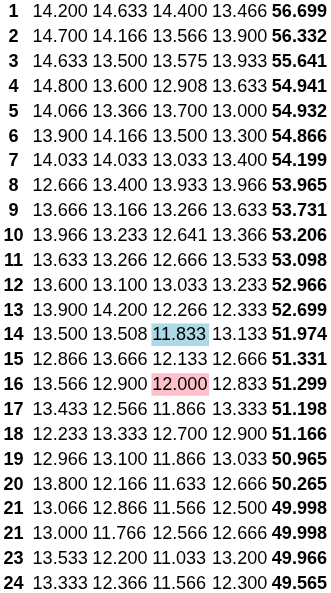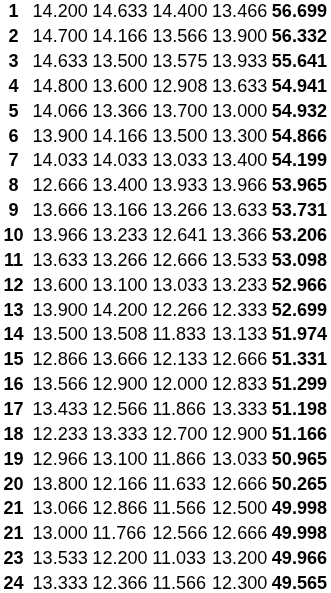 <table>
 <tr>
 <th scope=row style="text-align:center">1</th>
 <td align=left></td>
 <td>14.200</td>
 <td>14.633</td>
 <td>14.400</td>
 <td>13.466</td>
 <td><strong>56.699</strong></td>
 </tr>
 <tr>
 <th scope=row style="text-align:center">2</th>
 <td align=left></td>
 <td>14.700</td>
 <td>14.166</td>
 <td>13.566</td>
 <td>13.900</td>
 <td><strong>56.332</strong></td>
 </tr>
 <tr>
 <th scope=row style="text-align:center">3</th>
 <td align=left></td>
 <td>14.633</td>
 <td>13.500</td>
 <td>13.575</td>
 <td>13.933</td>
 <td><strong>55.641</strong></td>
 </tr>
 <tr>
 <th scope=row style="text-align:center">4</th>
 <td align=left></td>
 <td>14.800</td>
 <td>13.600</td>
 <td>12.908</td>
 <td>13.633</td>
 <td><strong>54.941</strong></td>
 </tr>
 <tr>
 <th scope=row style="text-align:center">5</th>
 <td align=left></td>
 <td>14.066</td>
 <td>13.366</td>
 <td>13.700</td>
 <td>13.000</td>
 <td><strong>54.932</strong></td>
 </tr>
 <tr>
 <th scope=row style="text-align:center">6</th>
 <td align=left></td>
 <td>13.900</td>
 <td>14.166</td>
 <td>13.500</td>
 <td>13.300</td>
 <td><strong>54.866</strong></td>
 </tr>
 <tr>
 <th scope=row style="text-align:center">7</th>
 <td align=left></td>
 <td>14.033</td>
 <td>14.033</td>
 <td>13.033</td>
 <td>13.400</td>
 <td><strong>54.199</strong></td>
 </tr>
 <tr>
 <th scope=row style="text-align:center">8</th>
 <td align=left></td>
 <td>12.666</td>
 <td>13.400</td>
 <td>13.933</td>
 <td>13.966</td>
 <td><strong>53.965</strong></td>
 </tr>
 <tr>
 <th scope=row style="text-align:center">9</th>
 <td align=left></td>
 <td>13.666</td>
 <td>13.166</td>
 <td>13.266</td>
 <td>13.633</td>
 <td><strong>53.731</strong></td>
 </tr>
 <tr>
 <th scope=row style="text-align:center">10</th>
 <td align=left></td>
 <td>13.966</td>
 <td>13.233</td>
 <td>12.641</td>
 <td>13.366</td>
 <td><strong>53.206</strong></td>
 </tr>
 <tr>
 <th scope=row style="text-align:center">11</th>
 <td align=left></td>
 <td>13.633</td>
 <td>13.266</td>
 <td>12.666</td>
 <td>13.533</td>
 <td><strong>53.098</strong></td>
 </tr>
 <tr>
 <th scope=row style="text-align:center">12</th>
 <td align=left></td>
 <td>13.600</td>
 <td>13.100</td>
 <td>13.033</td>
 <td>13.233</td>
 <td><strong>52.966</strong></td>
 </tr>
 <tr>
 <th scope=row style="text-align:center">13</th>
 <td align=left></td>
 <td>13.900</td>
 <td>14.200</td>
 <td>12.266</td>
 <td>12.333</td>
 <td><strong>52.699</strong></td>
 </tr>
 <tr>
 <th scope=row style="text-align:center">14</th>
 <td align=left></td>
 <td>13.500</td>
 <td>13.508</td>
-<td style="background: lightblue;">11.833</td>
+<td>11.833</td>
 <td>13.133</td>
 <td><strong>51.974</strong></td>
 </tr>
 <tr>
 <th scope=row style="text-align:center">15</th>
 <td align=left></td>
 <td>12.866</td>
 <td>13.666</td>
 <td>12.133</td>
 <td>12.666</td>
 <td><strong>51.331</strong></td>
 </tr>
 <tr>
 <th scope=row style="text-align:center">16</th>
 <td align=left></td>
 <td>13.566</td>
 <td>12.900</td>
-<td style="background: pink;">12.000</td>
+<td>12.000</td>
 <td>12.833</td>
 <td><strong>51.299</strong></td>
 </tr>
 <tr>
 <th scope=row style="text-align:center">17</th>
 <td align=left></td>
 <td>13.433</td>
 <td>12.566</td>
 <td>11.866</td>
 <td>13.333</td>
 <td><strong>51.198</strong></td>
 </tr>
 <tr>
 <th scope=row style="text-align:center">18</th>
 <td align=left></td>
 <td>12.233</td>
 <td>13.333</td>
 <td>12.700</td>
 <td>12.900</td>
 <td><strong>51.166</strong></td>
 </tr>
 <tr>
 <th scope=row style="text-align:center">19</th>
 <td align=left></td>
 <td>12.966</td>
 <td>13.100</td>
 <td>11.866</td>
 <td>13.033</td>
 <td><strong>50.965</strong></td>
 </tr>
 <tr>
 <th scope=row style="text-align:center">20</th>
 <td align=left></td>
 <td>13.800</td>
 <td>12.166</td>
 <td>11.633</td>
 <td>12.666</td>
 <td><strong>50.265</strong></td>
 </tr>
 <tr>
 <th scope=row style="text-align:center">21</th>
 <td align=left></td>
 <td>13.066</td>
 <td>12.866</td>
 <td>11.566</td>
 <td>12.500</td>
 <td><strong>49.998</strong></td>
 </tr>
 <tr>
 <th scope=row style="text-align:center">21</th>
 <td align=left></td>
 <td>13.000</td>
 <td>11.766</td>
 <td>12.566</td>
 <td>12.666</td>
 <td><strong>49.998</strong></td>
 </tr>
 <tr>
 <th scope=row style="text-align:center">23</th>
 <td align=left></td>
 <td>13.533</td>
 <td>12.200</td>
 <td>11.033</td>
 <td>13.200</td>
 <td><strong>49.966</strong></td>
 </tr>
 <tr>
 <th scope=row style="text-align:center">24</th>
 <td align=left></td>
 <td>13.333</td>
 <td>12.366</td>
 <td>11.566</td>
 <td>12.300</td>
 <td><strong>49.565</strong></td>
 </tr>
 </table>
